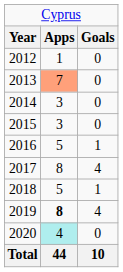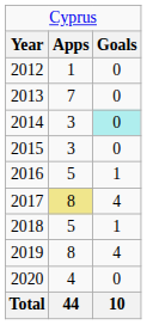 <table class="wikitable" style="text-align:center">
 <tr>
 <td colspan="3"><a href='#'>Cyprus</a></td>
 </tr>
 <tr>
 <th>Year</th>
 <th>Apps</th>
 <th>Goals</th>
 </tr>
 <tr>
 <td>2012</td>
 <td>1</td>
 <td>0</td>
 </tr>
 <tr>
 <td>2013</td>
-<td style="background: lightsalmon;">7</td>
+<td>7</td>
 <td>0</td>
 </tr>
 <tr>
 <td>2014</td>
 <td>3</td>
-<td>0</td>
+<td style="background: paleturquoise;">0</td>
 </tr>
 <tr>
 <td>2015</td>
 <td>3</td>
 <td>0</td>
 </tr>
 <tr>
 <td>2016</td>
 <td>5</td>
 <td>1</td>
 </tr>
 <tr>
 <td>2017</td>
-<td>8</td>
+<td style="background: khaki;">8</td>
 <td>4</td>
 </tr>
 <tr>
 <td>2018</td>
 <td>5</td>
 <td>1</td>
 </tr>
 <tr>
 <td>2019</td>
-<td><strong>8</strong></td>
+<td>8</td>
 <td>4</td>
 </tr>
 <tr>
 <td>2020</td>
-<td style="background: paleturquoise;">4</td>
+<td>4</td>
 <td>0</td>
 </tr>
 <tr>
 <th>Total</th>
 <th>44</th>
 <th>10</th>
 </tr>
 </table>
